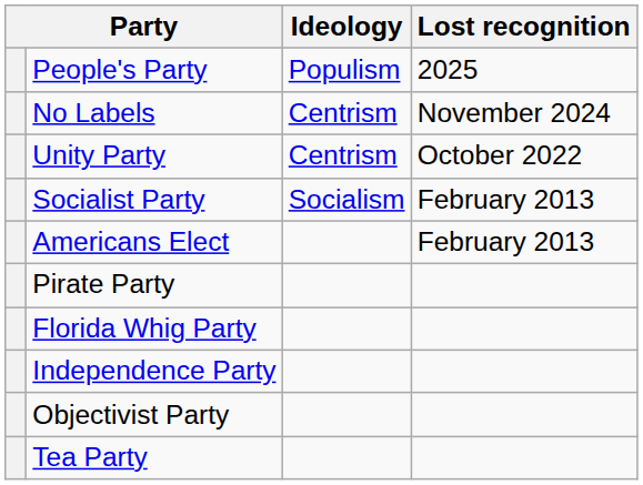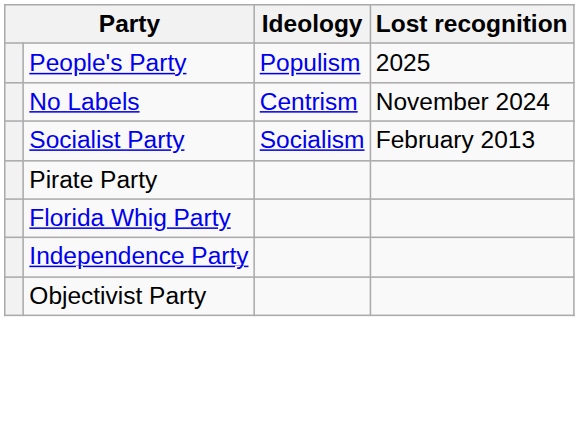 <table class="wikitable sortable">
 <tr>
 <th colspan=2>Party</th>
 <th class=unsortable>Ideology</th>
 <th>Lost recognition</th>
 </tr>
 <tr>
 <th width=5px style="background-color: "></th>
 <td><a href='#'>People's Party</a></td>
 <td><a href='#'>Populism</a></td>
 <td>2025</td>
 </tr>
 <tr>
 <th width=5px style="background-color: "></th>
 <td><a href='#'>No Labels</a></td>
 <td><a href='#'>Centrism</a></td>
 <td>November 2024</td>
 </tr>
 <tr>
 <th width=5px style="background-color: "></th>
-<td><a href='#'>Unity Party</a></td>
-<td><a href='#'>Centrism</a></td>
-<td>October 2022</td>
-</tr>
-<tr>
-<th width=5px style="background-color: "></th>
 <td><a href='#'>Socialist Party</a></td>
 <td><a href='#'>Socialism</a></td>
-<td>February 2013</td>
-</tr>
-<tr>
-<th width=5px style="background-color: "></th>
-<td><a href='#'>Americans Elect</a></td>
-<td></td>
 <td>February 2013</td>
 </tr>
 <tr>
 <th width=5px></th>
 <td>Pirate Party</td>
 <td></td>
 <td></td>
 </tr>
 <tr>
 <th width=5px></th>
 <td><a href='#'>Florida Whig Party</a></td>
 <td></td>
 <td></td>
 </tr>
 <tr>
 <th width=5px></th>
 <td><a href='#'>Independence Party</a></td>
 <td></td>
 <td></td>
 </tr>
 <tr>
 <th width=5px></th>
 <td>Objectivist Party</td>
 <td></td>
 <td></td>
 </tr>
-<tr>
-<th width=5px></th>
-<td><a href='#'>Tea Party</a></td>
-<td></td>
-<td></td>
-</tr>
 </table>
